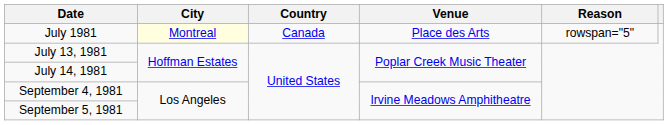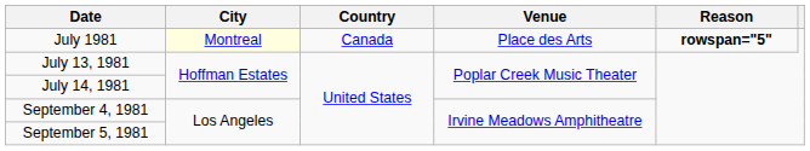 <table class="wikitable" id="cancelled" style="text-align:center;">
 <tr>
 <th scope="col" style="width:12em;">Date</th>
 <th scope="col" style="width:10em;">City</th>
 <th scope="col" style="width:10em;">Country</th>
 <th scope="col" style="width:17em;">Venue</th>
 <th scope="col" style="width:10em;">Reason</th>
 <th scope="col" class="unsortable"></th>
 </tr>
 <tr>
 <td>July 1981</td>
 <td style="background: lightyellow;"><a href='#'>Montreal</a></td>
 <td><a href='#'>Canada</a></td>
 <td><a href='#'>Place des Arts</a></td>
-<td>rowspan="5" </td>
+<td><strong>rowspan="5" </strong></td>
 </tr>
 <tr>
 <td>July 13, 1981</td>
 <td rowspan="2"><a href='#'>Hoffman Estates</a></td>
 <td rowspan="5"><a href='#'>United States</a></td>
 <td rowspan="2"><a href='#'>Poplar Creek Music Theater</a></td>
 </tr>
 <tr>
 <td>July 14, 1981</td>
 </tr>
 <tr>
 <td>September 4, 1981</td>
 <td rowspan="2">Los Angeles</td>
 <td rowspan="2"><a href='#'>Irvine Meadows Amphitheatre</a></td>
 </tr>
 <tr>
 <td>September 5, 1981</td>
 </tr>
 </table>
